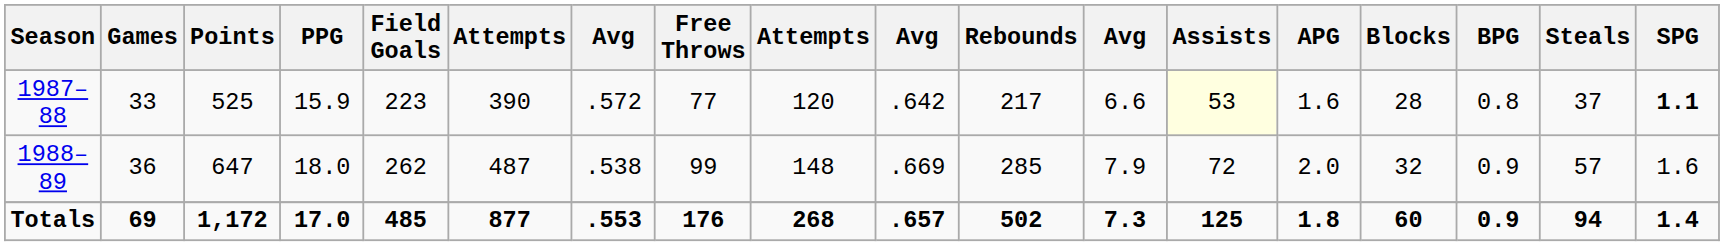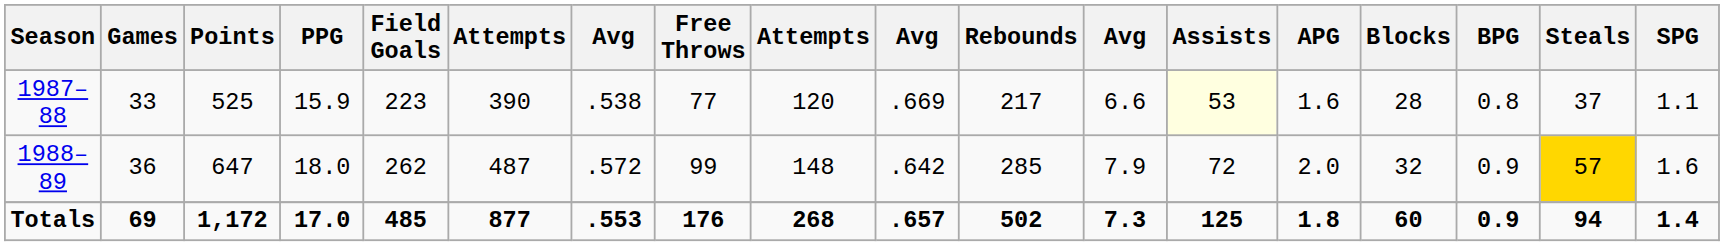 <table class="wikitable sortable" style="text-align:center">
 <tr>
 <th width=40px>Season</th>
 <th width=40px>Games</th>
 <th width=40px>Points</th>
 <th width=40px>PPG</th>
 <th width=40px>Field Goals</th>
 <th width=40px>Attempts</th>
 <th width=40px>Avg</th>
 <th width=40px>Free Throws</th>
 <th width=40px>Attempts</th>
 <th width=40px>Avg</th>
 <th width=40px>Rebounds</th>
 <th width=40px>Avg</th>
 <th width=40px>Assists</th>
 <th width=40px>APG</th>
 <th width=40px>Blocks</th>
 <th width=40px>BPG</th>
 <th width=40px>Steals</th>
 <th width=40px>SPG</th>
 </tr>
 <tr>
 <td><a href='#'>1987–88</a></td>
 <td>33</td>
 <td>525</td>
 <td>15.9</td>
 <td>223</td>
 <td>390</td>
-<td>.572</td>
+<td>.538</td>
 <td>77</td>
 <td>120</td>
-<td>.642</td>
+<td>.669</td>
 <td>217</td>
 <td>6.6</td>
 <td style="background: lightyellow;">53</td>
 <td>1.6</td>
 <td>28</td>
 <td>0.8</td>
 <td>37</td>
-<td><strong>1.1</strong></td>
+<td>1.1</td>
 </tr>
 <tr>
 <td><a href='#'>1988–89</a></td>
 <td>36</td>
 <td>647</td>
 <td>18.0</td>
 <td>262</td>
 <td>487</td>
-<td>.538</td>
+<td>.572</td>
 <td>99</td>
 <td>148</td>
-<td>.669</td>
+<td>.642</td>
 <td>285</td>
 <td>7.9</td>
 <td>72</td>
 <td>2.0</td>
 <td>32</td>
 <td>0.9</td>
-<td>57</td>
+<td style="background: gold;">57</td>
 <td>1.6</td>
 </tr>
 <tr>
 </tr>
 <tr class="sortbottom">
 <td><strong>Totals</strong></td>
 <td><strong>69</strong></td>
 <td><strong>1,172</strong></td>
 <td><strong>17.0</strong></td>
 <td><strong>485</strong></td>
 <td><strong>877</strong></td>
 <td><strong>.553</strong></td>
 <td><strong>176</strong></td>
 <td><strong>268</strong></td>
 <td><strong>.657</strong></td>
 <td><strong>502</strong></td>
 <td><strong>7.3</strong></td>
 <td><strong>125</strong></td>
 <td><strong>1.8</strong></td>
 <td><strong>60</strong></td>
 <td><strong>0.9</strong></td>
 <td><strong>94</strong></td>
 <td><strong>1.4</strong></td>
 </tr>
 </table>
